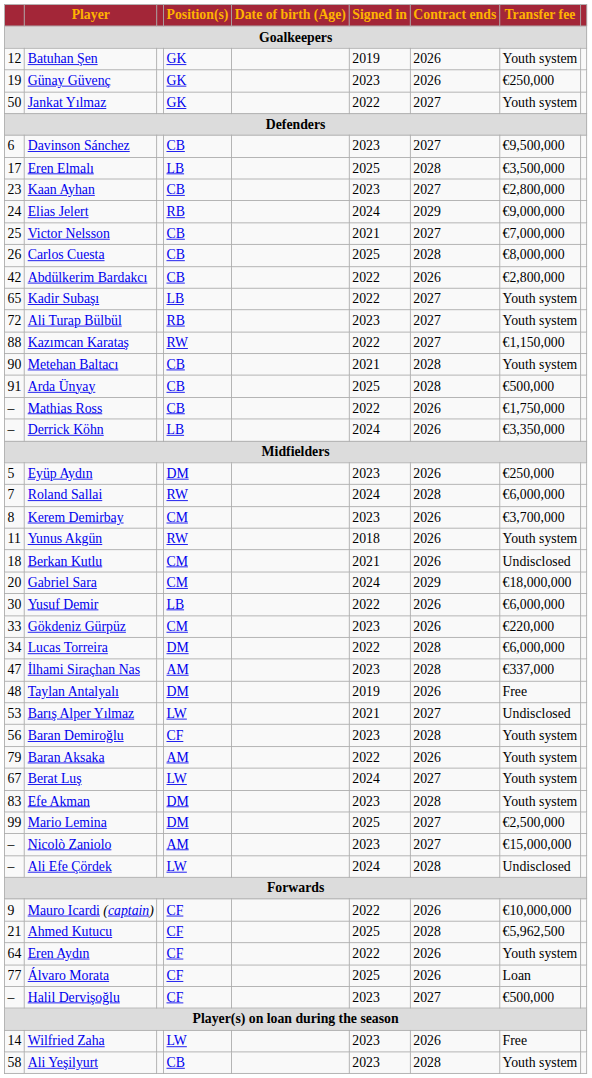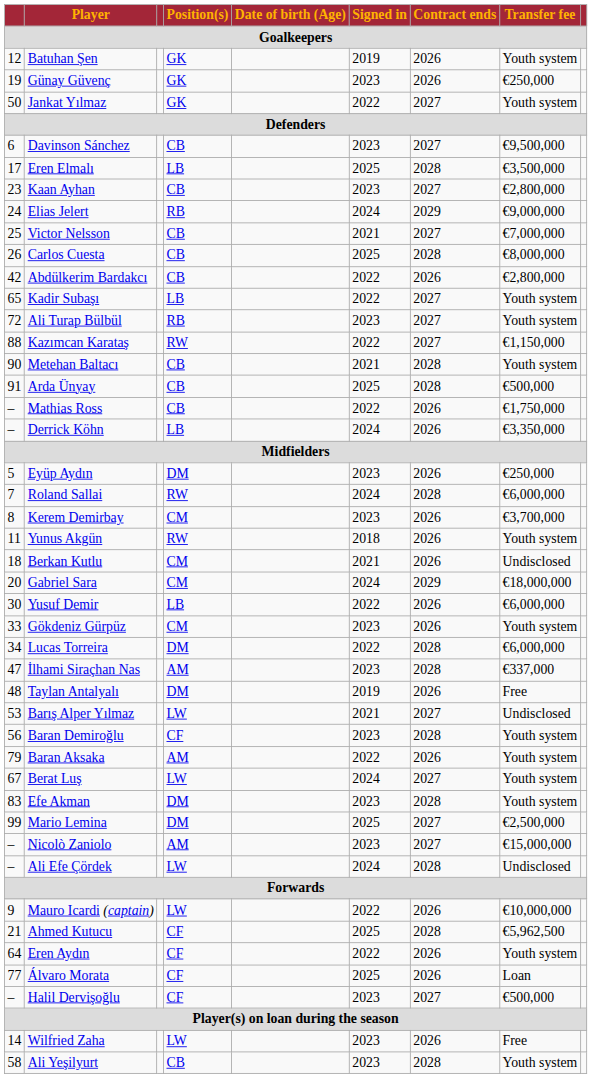 <table class="wikitable plainrowheaders sortable">
 <tr>
 <th style="background:#A32638; color:#FFB300; "></th>
 <th style="background:#A32638; color:#FFB300; ">Player</th>
 <th style="background:#A32638; color:#FFB300; "></th>
 <th style="background:#A32638; color:#FFB300; ">Position(s)</th>
 <th style="background:#A32638; color:#FFB300; ">Date of birth (Age)</th>
 <th style="background:#A32638; color:#FFB300; ">Signed in</th>
 <th style="background:#A32638; color:#FFB300; ">Contract ends</th>
 <th style="background:#A32638; color:#FFB300; ">Transfer fee</th>
 <th style="background:#A32638; color:#FFB300; "></th>
 </tr>
 <tr>
 <th colspan=11 style="background:#dcdcdc; text-align:center;">Goalkeepers</th>
 </tr>
 <tr>
 <td>12</td>
 <td><a href='#'>Batuhan Şen</a></td>
 <td></td>
 <td><a href='#'>GK</a></td>
 <td></td>
 <td>2019</td>
 <td>2026</td>
 <td>Youth system</td>
 <td></td>
 </tr>
 <tr>
 <td>19</td>
 <td><a href='#'>Günay Güvenç</a></td>
 <td></td>
 <td><a href='#'>GK</a></td>
 <td></td>
 <td>2023</td>
 <td>2026</td>
 <td>€250,000</td>
 <td></td>
 </tr>
 <tr>
 <td>50</td>
 <td><a href='#'>Jankat Yılmaz</a></td>
 <td></td>
 <td><a href='#'>GK</a></td>
 <td></td>
 <td>2022</td>
 <td>2027</td>
 <td>Youth system</td>
 <td></td>
 </tr>
 <tr>
 <th colspan=11 style="background:#dcdcdc; text-align:center;">Defenders</th>
 </tr>
 <tr>
 <td>6</td>
 <td><a href='#'>Davinson Sánchez</a></td>
 <td></td>
 <td><a href='#'>CB</a></td>
 <td></td>
 <td>2023</td>
 <td>2027</td>
 <td>€9,500,000</td>
 <td></td>
 </tr>
 <tr>
 <td>17</td>
 <td><a href='#'>Eren Elmalı</a></td>
 <td></td>
 <td><a href='#'>LB</a></td>
 <td></td>
 <td>2025</td>
 <td>2028</td>
 <td>€3,500,000</td>
 <td></td>
 </tr>
 <tr>
 <td>23</td>
 <td><a href='#'>Kaan Ayhan</a></td>
 <td></td>
 <td><a href='#'>CB</a></td>
 <td></td>
 <td>2023</td>
 <td>2027</td>
 <td>€2,800,000</td>
 <td></td>
 </tr>
 <tr>
 <td>24</td>
 <td><a href='#'>Elias Jelert</a></td>
 <td></td>
 <td><a href='#'>RB</a></td>
 <td></td>
 <td>2024</td>
 <td>2029</td>
 <td>€9,000,000</td>
 <td></td>
 </tr>
 <tr>
 <td>25</td>
 <td><a href='#'>Victor Nelsson</a></td>
 <td></td>
 <td><a href='#'>CB</a></td>
 <td></td>
 <td>2021</td>
 <td>2027</td>
 <td>€7,000,000</td>
 <td></td>
 </tr>
 <tr>
 <td>26</td>
 <td><a href='#'>Carlos Cuesta</a></td>
 <td></td>
 <td><a href='#'>CB</a></td>
 <td></td>
 <td>2025</td>
 <td>2028</td>
 <td>€8,000,000</td>
 <td></td>
 </tr>
 <tr>
 <td>42</td>
 <td><a href='#'>Abdülkerim Bardakcı</a></td>
 <td></td>
 <td><a href='#'>CB</a></td>
 <td></td>
 <td>2022</td>
 <td>2026</td>
 <td>€2,800,000</td>
 <td></td>
 </tr>
 <tr>
 <td>65</td>
 <td><a href='#'>Kadir Subaşı</a></td>
 <td></td>
 <td><a href='#'>LB</a></td>
 <td></td>
 <td>2022</td>
 <td>2027</td>
 <td>Youth system</td>
 <td></td>
 </tr>
 <tr>
 <td>72</td>
 <td><a href='#'>Ali Turap Bülbül</a></td>
 <td></td>
 <td><a href='#'>RB</a></td>
 <td></td>
 <td>2023</td>
 <td>2027</td>
 <td>Youth system</td>
 <td></td>
 </tr>
 <tr>
 <td>88</td>
 <td><a href='#'>Kazımcan Karataş</a></td>
 <td></td>
 <td><a href='#'>RW</a></td>
 <td></td>
 <td>2022</td>
 <td>2027</td>
 <td>€1,150,000</td>
 <td></td>
 </tr>
 <tr>
 <td>90</td>
 <td><a href='#'>Metehan Baltacı</a></td>
 <td></td>
 <td><a href='#'>CB</a></td>
 <td></td>
 <td>2021</td>
 <td>2028</td>
 <td>Youth system</td>
 <td></td>
 </tr>
 <tr>
 <td>91</td>
 <td><a href='#'>Arda Ünyay</a></td>
 <td></td>
 <td><a href='#'>CB</a></td>
 <td></td>
 <td>2025</td>
 <td>2028</td>
 <td>€500,000</td>
 <td></td>
 </tr>
 <tr>
 <td>–</td>
 <td><a href='#'>Mathias Ross</a></td>
 <td></td>
 <td><a href='#'>CB</a></td>
 <td></td>
 <td>2022</td>
 <td>2026</td>
 <td>€1,750,000</td>
 <td></td>
 </tr>
 <tr>
 <td>–</td>
 <td><a href='#'>Derrick Köhn</a></td>
 <td></td>
 <td><a href='#'>LB</a></td>
 <td></td>
 <td>2024</td>
 <td>2026</td>
 <td>€3,350,000</td>
 <td></td>
 </tr>
 <tr>
 <th colspan=11 style="background:#dcdcdc; text-align:center;">Midfielders</th>
 </tr>
 <tr>
 <td>5</td>
 <td><a href='#'>Eyüp Aydın</a></td>
 <td></td>
 <td><a href='#'>DM</a></td>
 <td></td>
 <td>2023</td>
 <td>2026</td>
 <td>€250,000</td>
 <td></td>
 </tr>
 <tr>
 <td>7</td>
 <td><a href='#'>Roland Sallai</a></td>
 <td></td>
 <td><a href='#'>RW</a></td>
 <td></td>
 <td>2024</td>
 <td>2028</td>
 <td>€6,000,000</td>
 <td></td>
 </tr>
 <tr>
 <td>8</td>
 <td><a href='#'>Kerem Demirbay</a></td>
 <td></td>
 <td><a href='#'>CM</a></td>
 <td></td>
 <td>2023</td>
 <td>2026</td>
 <td>€3,700,000</td>
 <td></td>
 </tr>
 <tr>
 <td>11</td>
 <td><a href='#'>Yunus Akgün</a></td>
 <td></td>
 <td><a href='#'>RW</a></td>
 <td></td>
 <td>2018</td>
 <td>2026</td>
 <td>Youth system</td>
 <td></td>
 </tr>
 <tr>
 <td>18</td>
 <td><a href='#'>Berkan Kutlu</a></td>
 <td></td>
 <td><a href='#'>CM</a></td>
 <td></td>
 <td>2021</td>
 <td>2026</td>
 <td>Undisclosed</td>
 <td></td>
 </tr>
 <tr>
 <td>20</td>
 <td><a href='#'>Gabriel Sara</a></td>
 <td></td>
 <td><a href='#'>CM</a></td>
 <td></td>
 <td>2024</td>
 <td>2029</td>
 <td>€18,000,000</td>
 <td></td>
 </tr>
 <tr>
 <td>30</td>
 <td><a href='#'>Yusuf Demir</a></td>
 <td></td>
 <td><a href='#'>LB</a></td>
 <td></td>
 <td>2022</td>
 <td>2026</td>
 <td>€6,000,000</td>
 <td></td>
 </tr>
 <tr>
 <td>33</td>
 <td><a href='#'>Gökdeniz Gürpüz</a></td>
 <td></td>
 <td><a href='#'>CM</a></td>
 <td></td>
 <td>2023</td>
 <td>2026</td>
-<td>€220,000</td>
+<td>Youth system</td>
 <td></td>
 </tr>
 <tr>
 <td>34</td>
 <td><a href='#'>Lucas Torreira</a></td>
 <td></td>
 <td><a href='#'>DM</a></td>
 <td></td>
 <td>2022</td>
 <td>2028</td>
 <td>€6,000,000</td>
 <td></td>
 </tr>
 <tr>
 <td>47</td>
 <td><a href='#'>İlhami Siraçhan Nas</a></td>
 <td></td>
 <td><a href='#'>AM</a></td>
 <td></td>
 <td>2023</td>
 <td>2028</td>
 <td>€337,000</td>
 <td></td>
 </tr>
 <tr>
 <td>48</td>
 <td><a href='#'>Taylan Antalyalı</a></td>
 <td></td>
 <td><a href='#'>DM</a></td>
 <td></td>
 <td>2019</td>
 <td>2026</td>
 <td>Free</td>
 <td></td>
 </tr>
 <tr>
 <td>53</td>
 <td><a href='#'>Barış Alper Yılmaz</a></td>
 <td></td>
 <td><a href='#'>LW</a></td>
 <td></td>
 <td>2021</td>
 <td>2027</td>
 <td>Undisclosed</td>
 <td></td>
 </tr>
 <tr>
 <td>56</td>
 <td><a href='#'>Baran Demiroğlu</a></td>
 <td></td>
 <td><a href='#'>CF</a></td>
 <td></td>
 <td>2023</td>
 <td>2028</td>
 <td>Youth system</td>
 <td></td>
 </tr>
 <tr>
 <td>79</td>
 <td><a href='#'>Baran Aksaka</a></td>
 <td></td>
 <td><a href='#'>AM</a></td>
 <td></td>
 <td>2022</td>
 <td>2026</td>
 <td>Youth system</td>
 <td></td>
 </tr>
 <tr>
 <td>67</td>
 <td><a href='#'>Berat Luş</a></td>
 <td></td>
 <td><a href='#'>LW</a></td>
 <td></td>
 <td>2024</td>
 <td>2027</td>
 <td>Youth system</td>
 <td></td>
 </tr>
 <tr>
 <td>83</td>
 <td><a href='#'>Efe Akman</a></td>
 <td></td>
 <td><a href='#'>DM</a></td>
 <td></td>
 <td>2023</td>
 <td>2028</td>
 <td>Youth system</td>
 <td></td>
 </tr>
 <tr>
 <td>99</td>
 <td><a href='#'>Mario Lemina</a></td>
 <td></td>
 <td><a href='#'>DM</a></td>
 <td></td>
 <td>2025</td>
 <td>2027</td>
 <td>€2,500,000</td>
 <td></td>
 </tr>
 <tr>
 <td>–</td>
 <td><a href='#'>Nicolò Zaniolo</a></td>
 <td></td>
 <td><a href='#'>AM</a></td>
 <td></td>
 <td>2023</td>
 <td>2027</td>
 <td>€15,000,000</td>
 <td></td>
 </tr>
 <tr>
 <td>–</td>
 <td><a href='#'>Ali Efe Çördek</a></td>
 <td></td>
 <td><a href='#'>LW</a></td>
 <td></td>
 <td>2024</td>
 <td>2028</td>
 <td>Undisclosed</td>
 <td></td>
 </tr>
 <tr>
 <th colspan=11 style="background:#dcdcdc; text-align:center;">Forwards</th>
 </tr>
 <tr>
 <td>9</td>
 <td><a href='#'>Mauro Icardi</a> <em>(<a href='#'>captain</a>)</em></td>
 <td></td>
-<td><a href='#'>CF</a></td>
+<td><a href='#'>LW</a></td>
 <td></td>
 <td>2022</td>
 <td>2026</td>
 <td>€10,000,000</td>
 <td></td>
 </tr>
 <tr>
 <td>21</td>
 <td><a href='#'>Ahmed Kutucu</a></td>
 <td></td>
 <td><a href='#'>CF</a></td>
 <td></td>
 <td>2025</td>
 <td>2028</td>
 <td>€5,962,500</td>
 <td></td>
 </tr>
 <tr>
 <td>64</td>
 <td><a href='#'>Eren Aydın</a></td>
 <td></td>
 <td><a href='#'>CF</a></td>
 <td></td>
 <td>2022</td>
 <td>2026</td>
 <td>Youth system</td>
 <td></td>
 </tr>
 <tr>
 <td>77</td>
 <td><a href='#'>Álvaro Morata</a></td>
 <td></td>
 <td><a href='#'>CF</a></td>
 <td></td>
 <td>2025</td>
 <td>2026</td>
 <td>Loan</td>
 <td></td>
 </tr>
 <tr>
 <td>–</td>
 <td><a href='#'>Halil Dervişoğlu</a></td>
 <td></td>
 <td><a href='#'>CF</a></td>
 <td></td>
 <td>2023</td>
 <td>2027</td>
 <td>€500,000</td>
 <td></td>
 </tr>
 <tr>
 <th colspan="11" style="background:#dcdcdc;">Player(s) on loan during the season</th>
 </tr>
 <tr>
 <td>14</td>
 <td><a href='#'>Wilfried Zaha</a></td>
 <td></td>
 <td><a href='#'>LW</a></td>
 <td></td>
 <td>2023</td>
 <td>2026</td>
 <td>Free</td>
 <td></td>
 </tr>
 <tr>
 <td>58</td>
 <td><a href='#'>Ali Yeşilyurt</a></td>
 <td></td>
 <td><a href='#'>CB</a></td>
 <td></td>
 <td>2023</td>
 <td>2028</td>
 <td>Youth system</td>
 <td></td>
 </tr>
 </table>
